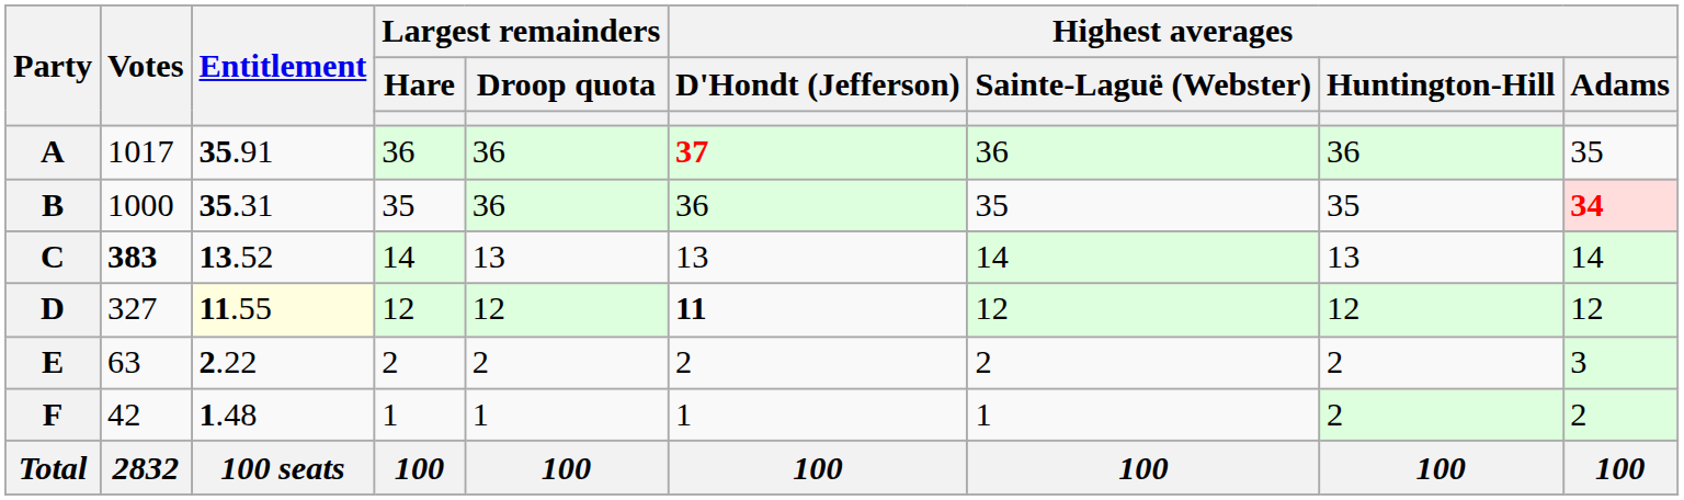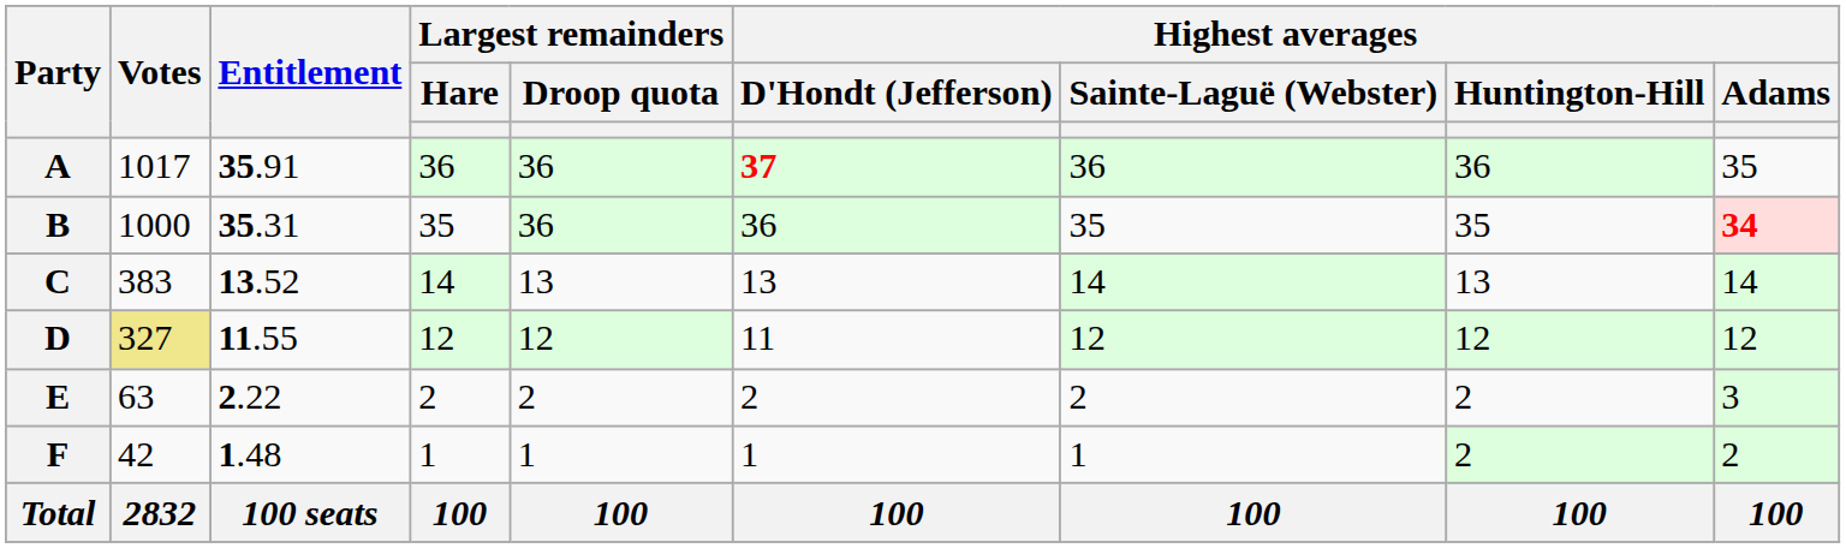 <table class="wikitable">
 <tr>
 <th rowspan="3">Party</th>
 <th rowspan="3">Votes</th>
 <th rowspan="3"><a href='#'>Entitlement</a></th>
 <th colspan="2">Largest remainders</th>
 <th colspan="4">Highest averages</th>
 </tr>
 <tr>
 <th>Hare</th>
 <th>Droop quota</th>
 <th>D'Hondt (Jefferson)</th>
 <th>Sainte-Laguë (Webster)</th>
 <th>Huntington-Hill</th>
 <th>Adams</th>
 </tr>
 <tr>
 <th></th>
 <th></th>
 <th></th>
 <th></th>
 <th></th>
 <th></th>
 </tr>
 <tr>
 <th>A</th>
 <td>1017</td>
 <td><strong>35</strong>.91</td>
 <td style="background:#dfd">36</td>
 <td style="background:#dfd">36</td>
 <td style="color:red; background:#dfd"><strong>37</strong></td>
 <td style="background:#dfd">36</td>
 <td style="background:#dfd">36</td>
 <td>35</td>
 </tr>
 <tr>
 <th>B</th>
 <td>1000</td>
 <td><strong>35</strong>.31</td>
 <td>35</td>
 <td style="background:#dfd">36</td>
 <td style="background:#dfd">36</td>
 <td>35</td>
 <td>35</td>
 <td style="background:#fdd; color:red"><strong>34</strong></td>
 </tr>
 <tr>
 <th>C</th>
-<td><strong>383</strong></td>
+<td>383</td>
 <td><strong>13</strong>.52</td>
 <td style="background:#dfd">14</td>
 <td>13</td>
 <td>13</td>
 <td style="background:#dfd">14</td>
 <td>13</td>
 <td style="background:#dfd">14</td>
 </tr>
 <tr>
 <th>D</th>
-<td>327</td>
-<td style="background: lightyellow;"><strong>11</strong>.55</td>
+<td style="background: khaki;">327</td>
+<td><strong>11</strong>.55</td>
 <td style="background:#dfd">12</td>
 <td style="background:#dfd">12</td>
-<td><strong>11</strong></td>
+<td>11</td>
 <td style="background:#dfd">12</td>
 <td style="background:#dfd">12</td>
 <td style="background:#dfd">12</td>
 </tr>
 <tr>
 <th>E</th>
 <td>63</td>
 <td><strong>2</strong>.22</td>
 <td>2</td>
 <td>2</td>
 <td>2</td>
 <td>2</td>
 <td>2</td>
 <td style="background:#dfd">3</td>
 </tr>
 <tr>
 <th>F</th>
 <td>42</td>
 <td><strong>1</strong>.48</td>
 <td>1</td>
 <td>1</td>
 <td>1</td>
 <td>1</td>
 <td style="background:#dfd">2</td>
 <td style="background:#dfd">2</td>
 </tr>
 <tr>
 <th><strong><em>Total</em></strong></th>
 <th><strong><em>2832</em></strong></th>
 <th><strong><em>100 seats</em></strong></th>
 <th><strong><em>100</em></strong></th>
 <th><strong><em>100</em></strong></th>
 <th><strong><em>100</em></strong></th>
 <th><strong><em>100</em></strong></th>
 <th><strong><em>100</em></strong></th>
 <th><strong><em>100</em></strong></th>
 </tr>
 </table>
